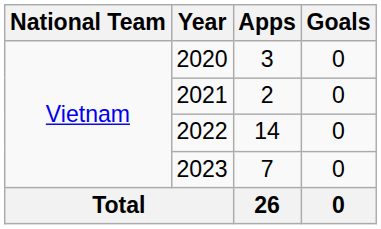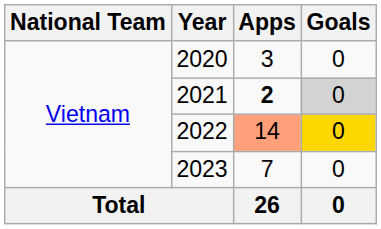 <table class="wikitable" style="text-align:center">
 <tr>
 <th>National Team</th>
 <th>Year</th>
 <th>Apps</th>
 <th>Goals</th>
 </tr>
 <tr>
 <td rowspan="4"><a href='#'>Vietnam</a></td>
 <td>2020</td>
 <td>3</td>
 <td>0</td>
 </tr>
 <tr>
 <td>2021</td>
-<td>2</td>
-<td>0</td>
+<td><strong>2</strong></td>
+<td style="background: lightgrey;">0</td>
 </tr>
 <tr>
 <td>2022</td>
-<td>14</td>
-<td>0</td>
+<td style="background: lightsalmon;">14</td>
+<td style="background: gold;">0</td>
 </tr>
 <tr>
 <td>2023</td>
 <td>7</td>
 <td>0</td>
 </tr>
 <tr>
 <th colspan=2>Total</th>
 <th>26</th>
 <th>0</th>
 </tr>
 </table>
